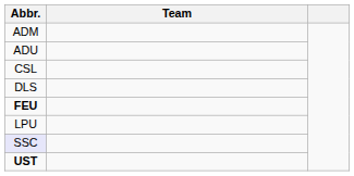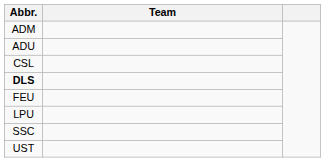 <table class="wikitable" style="text-align: center;">
 <tr>
 <th width=50>Abbr.</th>
 <th width=350>Team</th>
 <th width=50></th>
 </tr>
 <tr>
 <td>ADM</td>
 <td style="text-align:left;"></td>
 <td rowspan="8" style="text-align: center;"></td>
 </tr>
 <tr>
 <td>ADU</td>
 <td style="text-align:left;"></td>
 </tr>
 <tr>
 <td>CSL</td>
 <td style="text-align:left;"></td>
 </tr>
 <tr>
-<td>DLS</td>
+<td><strong>DLS</strong></td>
 <td style="text-align:left;"></td>
 </tr>
 <tr>
-<td><strong>FEU</strong></td>
+<td>FEU</td>
 <td style="text-align:left;"></td>
 </tr>
 <tr>
 <td>LPU</td>
 <td style="text-align:left;"></td>
 </tr>
 <tr>
-<td style="background: lavender;">SSC</td>
+<td>SSC</td>
 <td style="text-align:left;"></td>
 </tr>
 <tr>
-<td><strong>UST</strong></td>
+<td>UST</td>
 <td style="text-align:left;"></td>
 </tr>
 </table>
